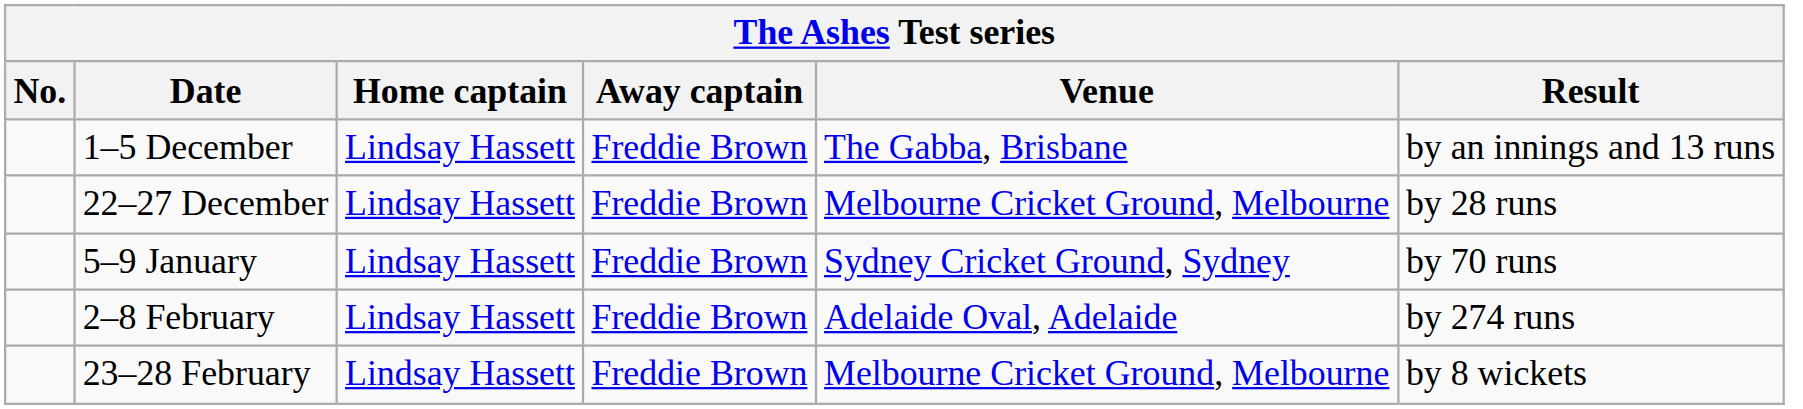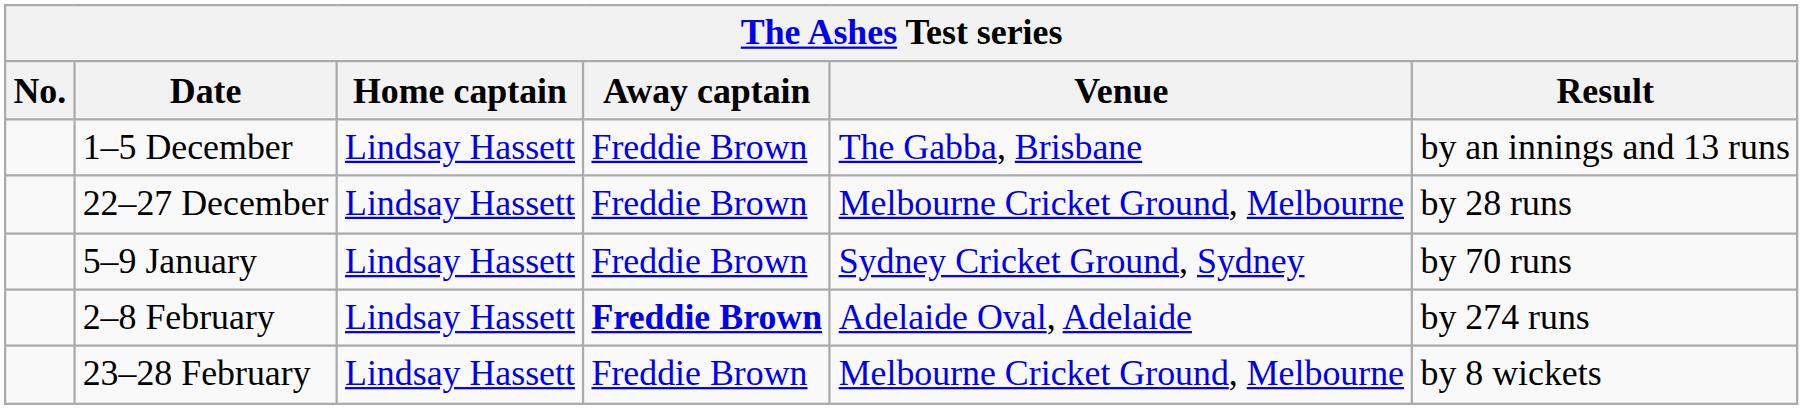 <table class="wikitable">
 <tr>
 <th colspan="9"><a href='#'>The Ashes</a> Test series</th>
 </tr>
 <tr>
 <th>No.</th>
 <th>Date</th>
 <th>Home captain</th>
 <th>Away captain</th>
 <th>Venue</th>
 <th>Result</th>
 </tr>
 <tr>
 <td></td>
 <td>1–5 December</td>
 <td><a href='#'>Lindsay Hassett</a></td>
 <td><a href='#'>Freddie Brown</a></td>
 <td><a href='#'>The Gabba</a>, <a href='#'>Brisbane</a></td>
 <td> by an innings and 13 runs</td>
 </tr>
 <tr>
 <td></td>
 <td>22–27 December</td>
 <td><a href='#'>Lindsay Hassett</a></td>
 <td><a href='#'>Freddie Brown</a></td>
 <td><a href='#'>Melbourne Cricket Ground</a>, <a href='#'>Melbourne</a></td>
 <td> by 28 runs</td>
 </tr>
 <tr>
 <td></td>
 <td>5–9 January</td>
 <td><a href='#'>Lindsay Hassett</a></td>
 <td><a href='#'>Freddie Brown</a></td>
 <td><a href='#'>Sydney Cricket Ground</a>, <a href='#'>Sydney</a></td>
 <td> by 70 runs</td>
 </tr>
 <tr>
 <td></td>
 <td>2–8 February</td>
 <td><a href='#'>Lindsay Hassett</a></td>
-<td><a href='#'>Freddie Brown</a></td>
+<td><strong><a href='#'>Freddie Brown</a></strong></td>
 <td><a href='#'>Adelaide Oval</a>, <a href='#'>Adelaide</a></td>
 <td> by 274 runs</td>
 </tr>
 <tr>
 <td></td>
 <td>23–28 February</td>
 <td><a href='#'>Lindsay Hassett</a></td>
 <td><a href='#'>Freddie Brown</a></td>
 <td><a href='#'>Melbourne Cricket Ground</a>, <a href='#'>Melbourne</a></td>
 <td> by 8 wickets</td>
 </tr>
 </table>
